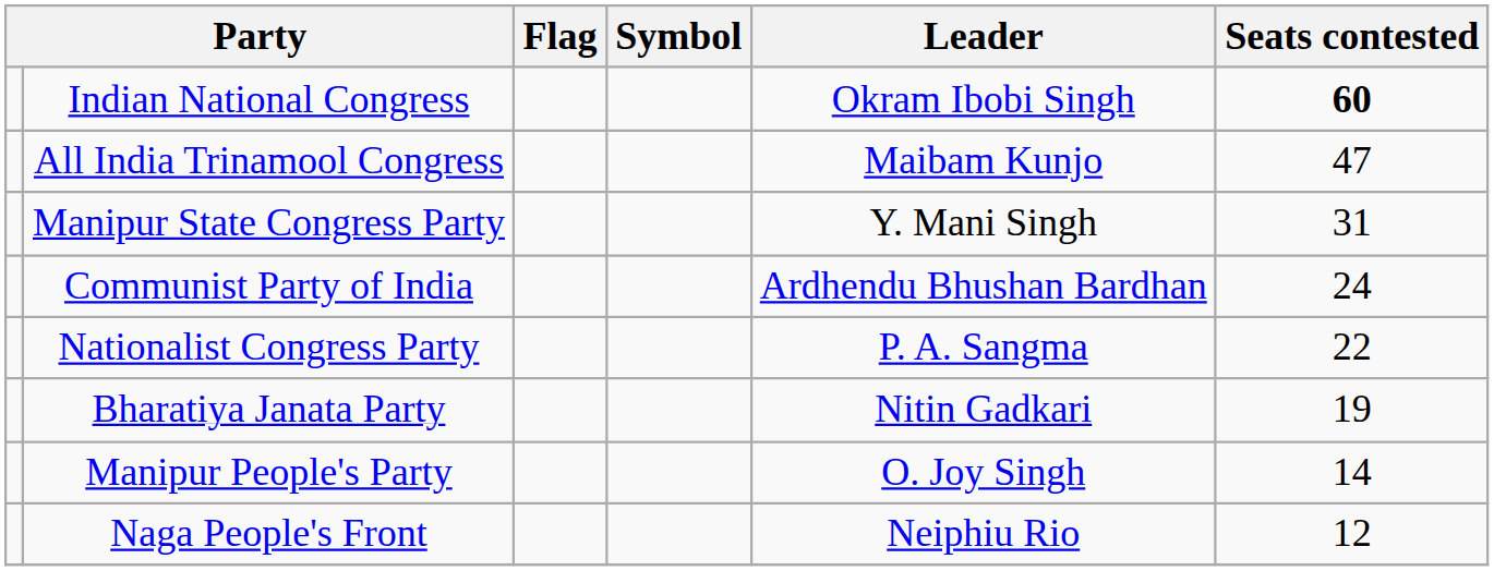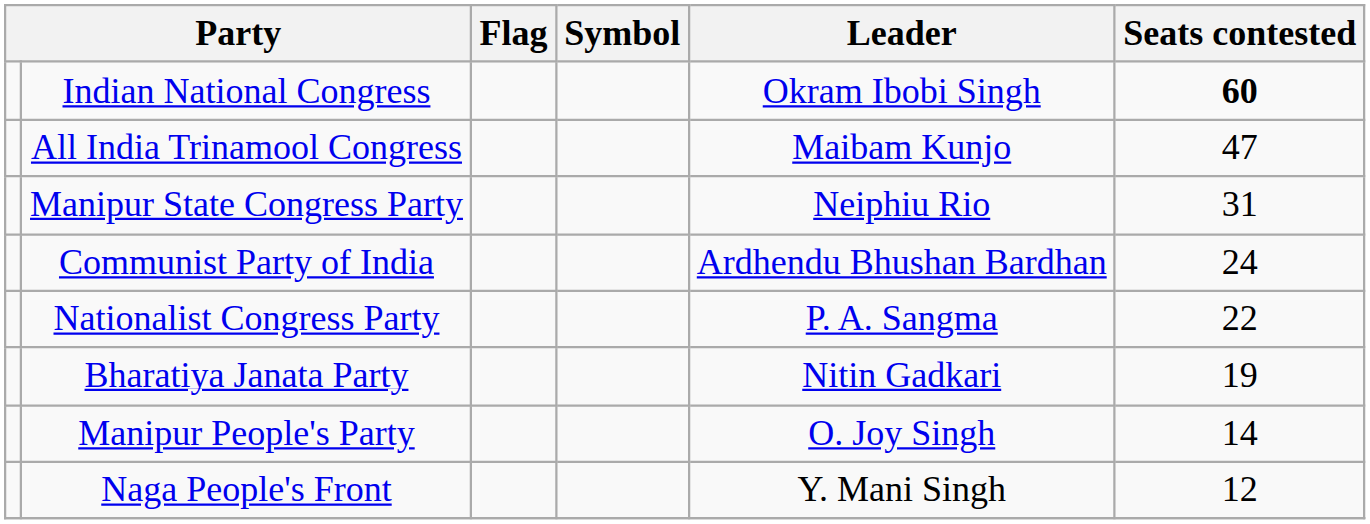 <table class="wikitable" style="text-align:center;">
 <tr>
 <th colspan="2">Party</th>
 <th>Flag</th>
 <th>Symbol</th>
 <th>Leader</th>
 <th>Seats contested</th>
 </tr>
 <tr>
 <td></td>
 <td><a href='#'>Indian National Congress</a></td>
 <td></td>
 <td></td>
 <td><a href='#'>Okram Ibobi Singh</a></td>
 <td><strong>60</strong></td>
 </tr>
 <tr>
 <td></td>
 <td><a href='#'>All India Trinamool Congress</a></td>
 <td></td>
 <td></td>
 <td><a href='#'>Maibam Kunjo</a></td>
 <td>47</td>
 </tr>
 <tr>
 <td></td>
 <td><a href='#'>Manipur State Congress Party</a></td>
 <td></td>
 <td></td>
-<td>Y. Mani Singh</td>
+<td><a href='#'>Neiphiu Rio</a></td>
 <td>31</td>
 </tr>
 <tr>
 <td></td>
 <td><a href='#'>Communist Party of India</a></td>
 <td></td>
 <td></td>
 <td><a href='#'>Ardhendu Bhushan Bardhan</a></td>
 <td>24</td>
 </tr>
 <tr>
 <td></td>
 <td><a href='#'>Nationalist Congress Party</a></td>
 <td></td>
 <td></td>
 <td><a href='#'>P. A. Sangma</a></td>
 <td>22</td>
 </tr>
 <tr>
 <td></td>
 <td><a href='#'>Bharatiya Janata Party</a></td>
 <td></td>
 <td></td>
 <td><a href='#'>Nitin Gadkari</a></td>
 <td>19</td>
 </tr>
 <tr>
 <td></td>
 <td><a href='#'>Manipur People's Party</a></td>
 <td></td>
 <td></td>
 <td><a href='#'>O. Joy Singh</a></td>
 <td>14</td>
 </tr>
 <tr>
 <td></td>
 <td><a href='#'>Naga People's Front</a></td>
 <td></td>
 <td></td>
-<td><a href='#'>Neiphiu Rio</a></td>
+<td>Y. Mani Singh</td>
 <td>12</td>
 </tr>
 <tr>
 </tr>
 </table>
